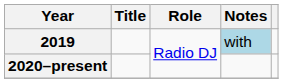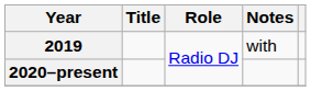 <table class="wikitable sortable plainrowheaders">
 <tr>
 <th scope="col">Year</th>
 <th scope="col">Title</th>
 <th scope="col">Role</th>
 <th scope="col">Notes</th>
 <th scope="col" class="unsortable"></th>
 </tr>
 <tr>
 <th scope="row">2019</th>
 <td><em></em></td>
 <td rowspan=2><a href='#'>Radio DJ</a></td>
-<td style="background: lightblue;">with </td>
+<td>with </td>
 <td></td>
 </tr>
 <tr>
 <th scope="row">2020–present</th>
 <td><em></em></td>
 <td></td>
 <td></td>
 </tr>
 <tr>
 </tr>
 </table>
